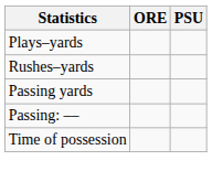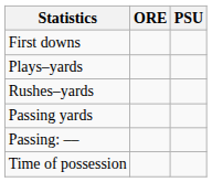 <table class="wikitable" style="float:left">
 <tr>
 <th>Statistics</th>
 <th>ORE</th>
 <th>PSU</th>
+</tr>
+<tr>
+<td>First downs</td>
+<td></td>
+<td></td>
 </tr>
 <tr>
 <td>Plays–yards</td>
 <td></td>
 <td></td>
 </tr>
 <tr>
 <td>Rushes–yards</td>
 <td></td>
 <td></td>
 </tr>
 <tr>
 <td>Passing yards</td>
 <td></td>
 <td></td>
 </tr>
 <tr>
 <td>Passing: ––</td>
 <td></td>
 <td></td>
 </tr>
 <tr>
 <td>Time of possession</td>
 <td></td>
 <td></td>
 </tr>
 </table>
